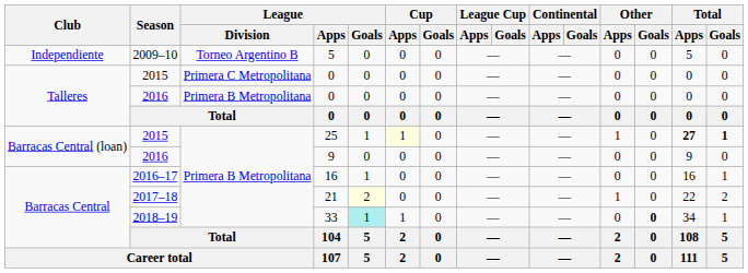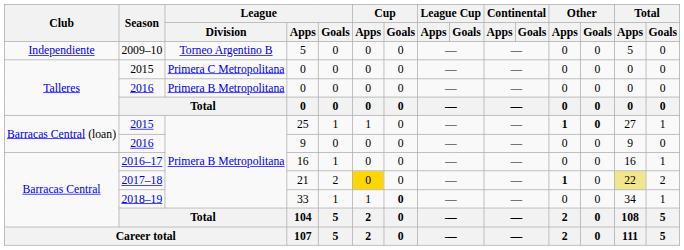 <table class="wikitable" style="text-align:center">
 <tr>
 <th rowspan="2">Club</th>
 <th rowspan="2">Season</th>
 <th colspan="3">League</th>
 <th colspan="2">Cup</th>
 <th colspan="2">League Cup</th>
 <th colspan="2">Continental</th>
 <th colspan="2">Other</th>
 <th colspan="2">Total</th>
 </tr>
 <tr>
 <th>Division</th>
 <th>Apps</th>
 <th>Goals</th>
 <th>Apps</th>
 <th>Goals</th>
 <th>Apps</th>
 <th>Goals</th>
 <th>Apps</th>
 <th>Goals</th>
 <th>Apps</th>
 <th>Goals</th>
 <th>Apps</th>
 <th>Goals</th>
 </tr>
 <tr>
 <td rowspan="1"><a href='#'>Independiente</a></td>
 <td>2009–10</td>
 <td rowspan="1"><a href='#'>Torneo Argentino B</a></td>
 <td>5</td>
 <td>0</td>
 <td>0</td>
 <td>0</td>
 <td colspan="2">—</td>
 <td colspan="2">—</td>
 <td>0</td>
 <td>0</td>
 <td>5</td>
 <td>0</td>
 </tr>
 <tr>
 <td rowspan="3"><a href='#'>Talleres</a></td>
 <td>2015</td>
 <td rowspan="1"><a href='#'>Primera C Metropolitana</a></td>
 <td>0</td>
 <td>0</td>
 <td>0</td>
 <td>0</td>
 <td colspan="2">—</td>
 <td colspan="2">—</td>
 <td>0</td>
 <td>0</td>
 <td>0</td>
 <td>0</td>
 </tr>
 <tr>
 <td><a href='#'>2016</a></td>
 <td rowspan="1"><a href='#'>Primera B Metropolitana</a></td>
 <td>0</td>
 <td>0</td>
 <td>0</td>
 <td>0</td>
 <td colspan="2">—</td>
 <td colspan="2">—</td>
 <td>0</td>
 <td>0</td>
 <td>0</td>
 <td>0</td>
 </tr>
 <tr>
 <th colspan="2">Total</th>
 <th>0</th>
 <th>0</th>
 <th>0</th>
 <th>0</th>
 <th colspan="2">—</th>
 <th colspan="2">—</th>
 <th>0</th>
 <th>0</th>
 <th>0</th>
 <th>0</th>
 </tr>
 <tr>
 <td rowspan="2"><a href='#'>Barracas Central</a> (loan)</td>
 <td><a href='#'>2015</a></td>
 <td rowspan="5"><a href='#'>Primera B Metropolitana</a></td>
 <td>25</td>
 <td>1</td>
-<td style="background: lightyellow;">1</td>
+<td>1</td>
 <td>0</td>
 <td colspan="2">—</td>
 <td colspan="2">—</td>
+<td><strong>1</strong></td>
+<td><strong>0</strong></td>
+<td>27</td>
 <td>1</td>
-<td>0</td>
-<td><strong>27</strong></td>
-<td><strong>1</strong></td>
 </tr>
 <tr>
 <td><a href='#'>2016</a></td>
 <td>9</td>
 <td>0</td>
 <td>0</td>
 <td>0</td>
 <td colspan="2">—</td>
 <td colspan="2">—</td>
 <td>0</td>
 <td>0</td>
 <td>9</td>
 <td>0</td>
 </tr>
 <tr>
 <td rowspan="4"><a href='#'>Barracas Central</a></td>
 <td><a href='#'>2016–17</a></td>
 <td>16</td>
 <td>1</td>
 <td>0</td>
 <td>0</td>
 <td colspan="2">—</td>
 <td colspan="2">—</td>
 <td>0</td>
 <td>0</td>
 <td>16</td>
 <td>1</td>
 </tr>
 <tr>
 <td><a href='#'>2017–18</a></td>
 <td>21</td>
-<td style="background: lightyellow;">2</td>
-<td>0</td>
+<td>2</td>
+<td style="background: gold;">0</td>
 <td>0</td>
 <td colspan="2">—</td>
 <td colspan="2">—</td>
-<td>1</td>
+<td><strong>1</strong></td>
 <td>0</td>
-<td>22</td>
+<td style="background: khaki;">22</td>
 <td>2</td>
 </tr>
 <tr>
 <td><a href='#'>2018–19</a></td>
 <td>33</td>
-<td style="background: paleturquoise;">1</td>
 <td>1</td>
-<td>0</td>
+<td>1</td>
+<td><strong>0</strong></td>
 <td colspan="2">—</td>
 <td colspan="2">—</td>
 <td>0</td>
-<td><strong>0</strong></td>
+<td>0</td>
 <td>34</td>
 <td>1</td>
 </tr>
 <tr>
 <th colspan="2">Total</th>
 <th>104</th>
 <th>5</th>
 <th>2</th>
 <th>0</th>
 <th colspan="2">—</th>
 <th colspan="2">—</th>
 <th>2</th>
 <th>0</th>
 <th>108</th>
 <th>5</th>
 </tr>
 <tr>
 <th colspan="3">Career total</th>
 <th>107</th>
 <th>5</th>
 <th>2</th>
 <th>0</th>
 <th colspan="2">—</th>
 <th colspan="2">—</th>
 <th>2</th>
 <th>0</th>
 <th>111</th>
 <th>5</th>
 </tr>
 </table>
